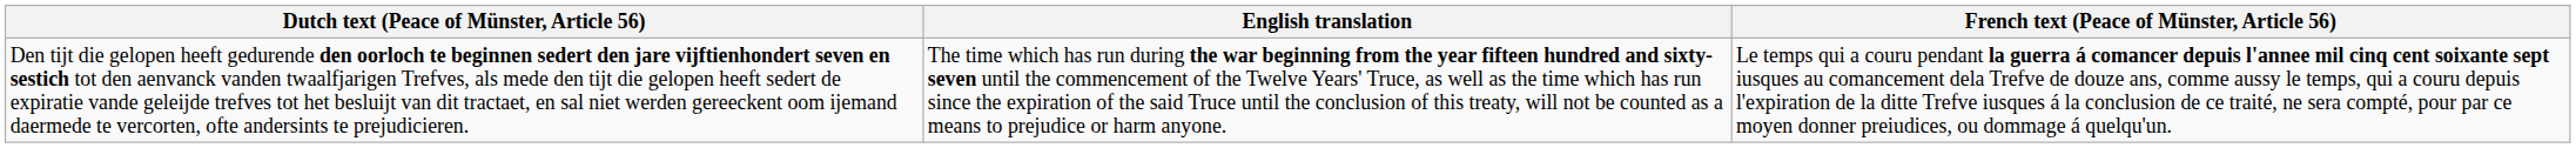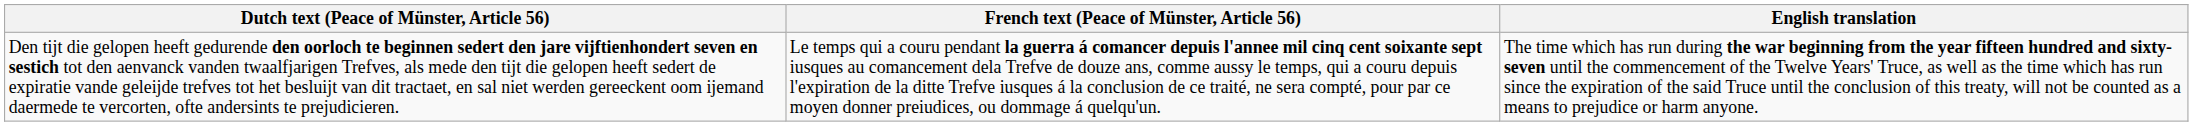 <table class="wikitable">
 <tr>
 <th>Dutch text (Peace of Münster, Article 56)</th>
+<th>French text (Peace of Münster, Article 56)</th>
 <th>English translation</th>
-<th>French text (Peace of Münster, Article 56)</th>
 </tr>
 <tr>
 <td>Den tijt die gelopen heeft gedurende <strong>den oorloch te beginnen sedert den jare vijftienhondert seven en sestich</strong> tot den aenvanck vanden twaalfjarigen Trefves, als mede den tijt die gelopen heeft sedert de expiratie vande geleijde trefves tot het besluijt van dit tractaet, en sal niet werden gereeckent oom ijemand daermede te vercorten, ofte andersints te prejudicieren.</td>
+<td>Le temps qui a couru pendant <strong>la guerra á comancer depuis l'annee mil cinq cent soixante sept</strong> iusques au comancement dela Trefve de douze ans, comme aussy le temps, qui a couru depuis l'expiration de la ditte Trefve iusques á la conclusion de ce traité, ne sera compté, pour par ce moyen donner preiudices, ou dommage á quelqu'un.</td>
 <td>The time which has run during <strong>the war beginning from the year fifteen hundred and sixty-seven</strong> until the commencement of the Twelve Years' Truce, as well as the time which has run since the expiration of the said Truce until the conclusion of this treaty, will not be counted as a means to prejudice or harm anyone.</td>
-<td>Le temps qui a couru pendant <strong>la guerra á comancer depuis l'annee mil cinq cent soixante sept</strong> iusques au comancement dela Trefve de douze ans, comme aussy le temps, qui a couru depuis l'expiration de la ditte Trefve iusques á la conclusion de ce traité, ne sera compté, pour par ce moyen donner preiudices, ou dommage á quelqu'un.</td>
 </tr>
 </table>
